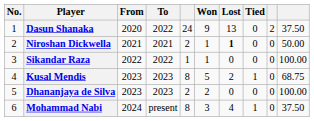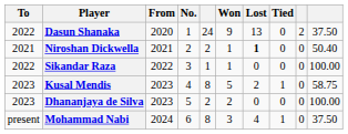 <table class="wikitable"style="text-align:center;">
 <tr>
-<th>No.</th>
+<th>To</th>
 <th>Player</th>
 <th>From</th>
-<th>To</th>
+<th>No.</th>
 <th></th>
 <th>Won</th>
 <th>Lost</th>
 <th>Tied</th>
 <th></th>
 <th></th>
 </tr>
 <tr>
-<td>1</td>
+<td>2022</td>
 <th style="text-align:left;"><a href='#'>Dasun Shanaka</a></th>
 <td>2020</td>
-<td>2022</td>
+<td>1</td>
 <td>24</td>
 <td>9</td>
 <td>13</td>
 <td>0</td>
 <td>2</td>
 <td>37.50</td>
 </tr>
 <tr>
-<td>2</td>
+<td>2021</td>
 <th style="text-align:left;"><a href='#'>Niroshan Dickwella</a></th>
 <td>2021</td>
-<td>2021</td>
+<td>2</td>
 <td>2</td>
 <td>1</td>
 <td><strong>1</strong></td>
 <td>0</td>
 <td>0</td>
-<td>50.00</td>
+<td>50.40</td>
 </tr>
 <tr>
-<td>3</td>
+<td>2022</td>
 <th style="text-align:left;"><a href='#'>Sikandar Raza</a></th>
 <td>2022</td>
-<td>2022</td>
+<td>3</td>
 <td>1</td>
 <td>1</td>
 <td>0</td>
 <td>0</td>
 <td>0</td>
 <td>100.00</td>
 </tr>
 <tr>
-<td>4</td>
+<td>2023</td>
 <th style="text-align:left;"><a href='#'>Kusal Mendis</a></th>
 <td>2023</td>
-<td>2023</td>
+<td>4</td>
 <td>8</td>
 <td>5</td>
 <td>2</td>
 <td>1</td>
 <td>0</td>
-<td>68.75</td>
+<td>58.75</td>
 </tr>
 <tr>
-<td>5</td>
+<td>2023</td>
 <th style="text-align:left;"><a href='#'>Dhananjaya de Silva</a></th>
 <td>2023</td>
-<td>2023</td>
+<td>5</td>
 <td>2</td>
 <td>2</td>
 <td>0</td>
 <td>0</td>
 <td>0</td>
 <td>100.00</td>
 </tr>
 <tr>
-<td>6</td>
+<td>present</td>
 <th style="text-align:left;"><a href='#'>Mohammad Nabi</a></th>
 <td>2024</td>
-<td>present</td>
+<td>6</td>
 <td>8</td>
 <td>3</td>
 <td>4</td>
 <td>1</td>
 <td>0</td>
 <td>37.50</td>
 </tr>
 </table>
